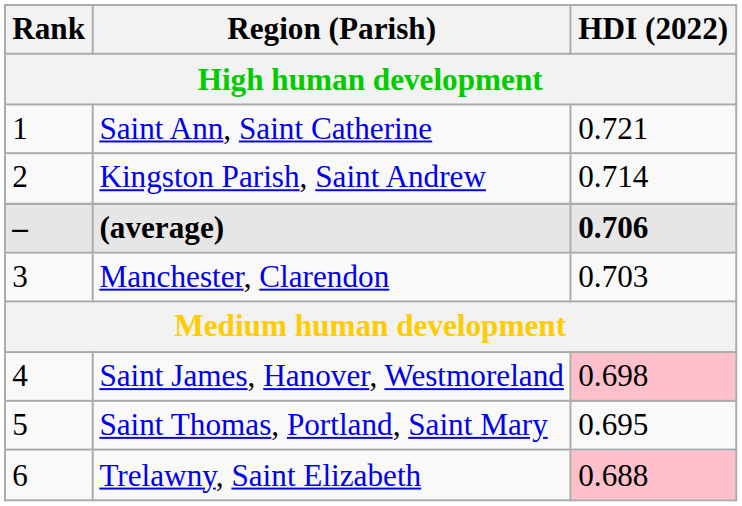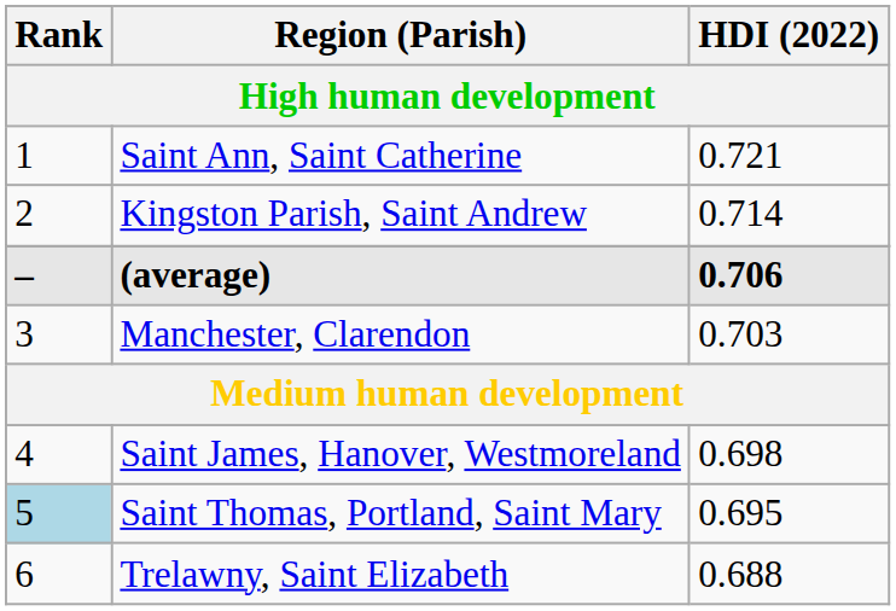 <table class="wikitable sortable">
 <tr>
 <th>Rank</th>
 <th>Region (Parish)</th>
 <th>HDI (2022)</th>
 </tr>
 <tr>
 <th colspan="3" style="color:#0c0;">High human development</th>
 </tr>
 <tr>
 <td>1</td>
 <td><a href='#'>Saint Ann</a>, <a href='#'>Saint Catherine</a></td>
 <td>0.721</td>
 </tr>
 <tr>
 <td>2</td>
 <td><a href='#'>Kingston Parish</a>, <a href='#'>Saint Andrew</a></td>
 <td>0.714</td>
 </tr>
 <tr>
 </tr>
 <tr style="background:#e6e6e6">
 <td><strong>–</strong></td>
 <td><strong> (average)</strong></td>
 <td><strong>0.706</strong></td>
 </tr>
 <tr>
 <td>3</td>
 <td><a href='#'>Manchester</a>, <a href='#'>Clarendon</a></td>
 <td>0.703</td>
 </tr>
 <tr>
 <th colspan="3" style="color:#fc0;">Medium human development</th>
 </tr>
 <tr>
 <td>4</td>
 <td><a href='#'>Saint James</a>, <a href='#'>Hanover</a>, <a href='#'>Westmoreland</a></td>
-<td style="background: pink;">0.698</td>
+<td>0.698</td>
 </tr>
 <tr>
-<td>5</td>
+<td style="background: lightblue;">5</td>
 <td><a href='#'>Saint Thomas</a>, <a href='#'>Portland</a>, <a href='#'>Saint Mary</a></td>
 <td>0.695</td>
 </tr>
 <tr>
 <td>6</td>
 <td><a href='#'>Trelawny</a>, <a href='#'>Saint Elizabeth</a></td>
-<td style="background: pink;">0.688</td>
+<td>0.688</td>
 </tr>
 </table>
